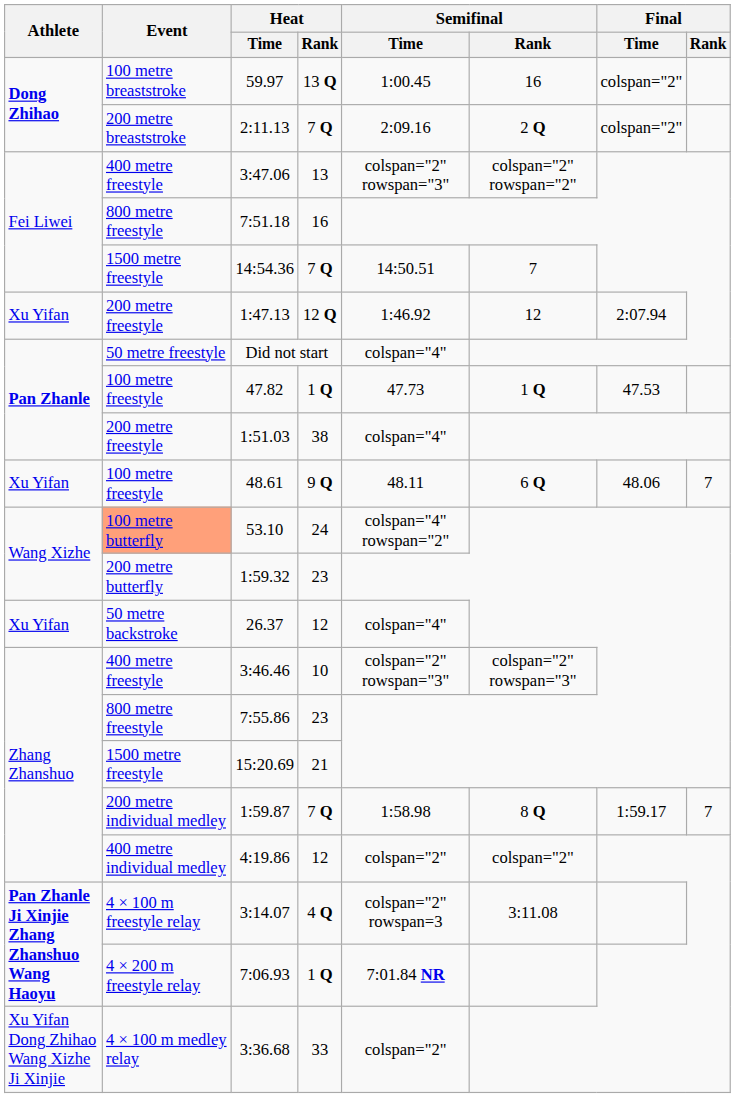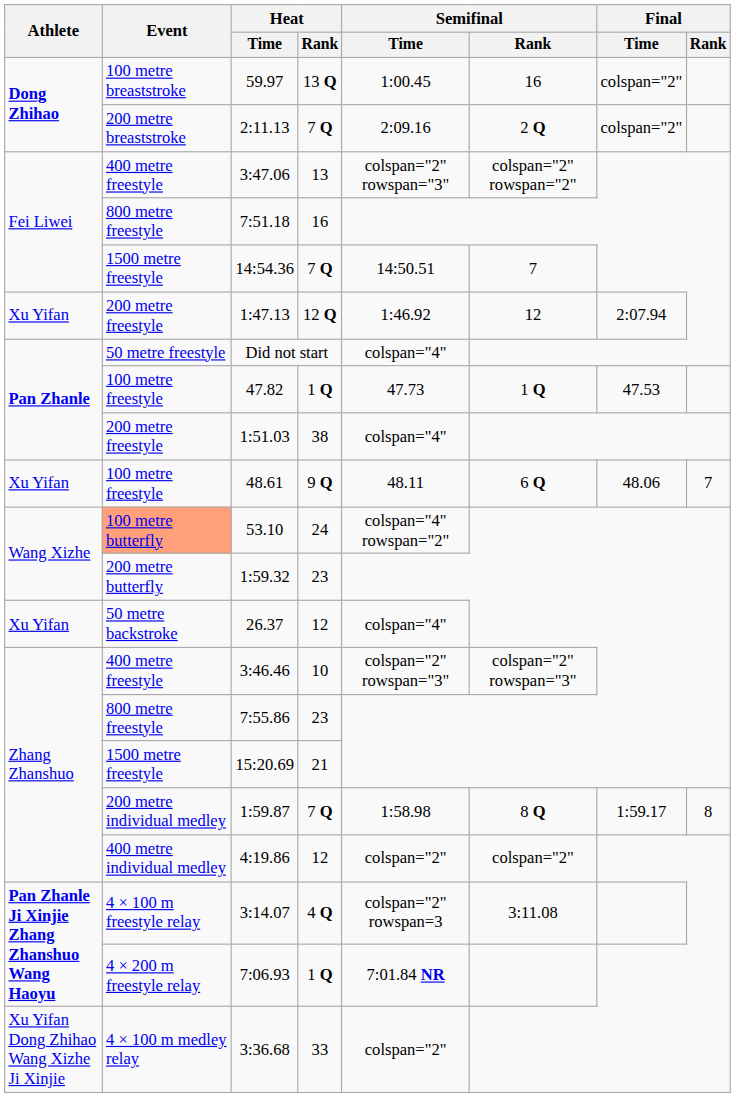 <table class="wikitable" style="text-align:center; font-size:90%; width:50%;">
 <tr>
 <th rowspan="2">Athlete</th>
 <th rowspan="2">Event</th>
 <th colspan="2">Heat</th>
 <th colspan="2">Semifinal</th>
 <th colspan="2">Final</th>
 </tr>
 <tr style="font-size:95%">
 <th>Time</th>
 <th>Rank</th>
 <th>Time</th>
 <th>Rank</th>
 <th>Time</th>
 <th>Rank</th>
 </tr>
 <tr align=center>
 <td align=left rowspan="2"><strong><a href='#'>Dong Zhihao</a></strong></td>
 <td align=left><a href='#'>100 metre breaststroke</a></td>
 <td>59.97</td>
 <td>13 <strong>Q</strong></td>
 <td>1:00.45</td>
 <td>16</td>
 <td>colspan="2" </td>
 </tr>
 <tr align=center>
 <td align=left><a href='#'>200 metre breaststroke</a></td>
 <td>2:11.13</td>
 <td>7 <strong>Q</strong></td>
 <td>2:09.16</td>
 <td>2 <strong>Q</strong></td>
 <td>colspan="2" </td>
 <td></td>
 </tr>
 <tr align=center>
 <td align=left rowspan="3"><a href='#'>Fei Liwei</a></td>
 <td align=left><a href='#'>400 metre freestyle</a></td>
 <td>3:47.06</td>
 <td>13</td>
 <td>colspan="2" rowspan="3" </td>
 <td>colspan="2" rowspan="2" </td>
 </tr>
 <tr align=center>
 <td align=left><a href='#'>800 metre freestyle</a></td>
 <td>7:51.18</td>
 <td>16</td>
 </tr>
 <tr align=center>
 <td align=left><a href='#'>1500 metre freestyle</a></td>
 <td>14:54.36</td>
 <td>7 <strong>Q</strong></td>
 <td>14:50.51</td>
 <td>7</td>
 </tr>
 <tr align=center>
 <td align=left><a href='#'>Xu Yifan</a></td>
 <td align=left><a href='#'>200 metre freestyle</a></td>
 <td>1:47.13</td>
 <td>12 <strong>Q</strong></td>
 <td>1:46.92</td>
 <td>12</td>
 <td>2:07.94</td>
 </tr>
 <tr align=center>
 <td align=left rowspan="3"><strong><a href='#'>Pan Zhanle</a></strong></td>
 <td align=left><a href='#'>50 metre freestyle</a></td>
 <td colspan="2">Did not start</td>
 <td>colspan="4"  </td>
 </tr>
 <tr align=center>
 <td align=left><a href='#'>100 metre freestyle</a></td>
 <td>47.82</td>
 <td>1 <strong>Q</strong></td>
 <td>47.73</td>
 <td>1 <strong>Q</strong></td>
 <td>47.53</td>
 <td></td>
 </tr>
 <tr align=center>
 <td align=left><a href='#'>200 metre freestyle</a></td>
 <td>1:51.03</td>
 <td>38</td>
 <td>colspan="4"  </td>
 </tr>
 <tr align=center>
 <td align=left><a href='#'>Xu Yifan</a></td>
 <td align=left><a href='#'>100 metre freestyle</a></td>
 <td>48.61</td>
 <td>9 <strong>Q</strong></td>
 <td>48.11</td>
 <td>6 <strong>Q</strong></td>
 <td>48.06</td>
 <td>7</td>
 </tr>
 <tr align=center>
 <td align=left rowspan="2"><a href='#'>Wang Xizhe</a></td>
 <td align=left style="background: lightsalmon;"><a href='#'>100 metre butterfly</a></td>
 <td>53.10</td>
 <td>24</td>
 <td>colspan="4" rowspan="2" </td>
 </tr>
 <tr align=center>
 <td align=left><a href='#'>200 metre butterfly</a></td>
 <td>1:59.32</td>
 <td>23</td>
 </tr>
 <tr align=center>
 <td align=left><a href='#'>Xu Yifan</a></td>
 <td align=left><a href='#'>50 metre backstroke</a></td>
 <td>26.37</td>
 <td>12</td>
 <td>colspan="4"  </td>
 </tr>
 <tr align=center>
 <td align=left rowspan="5"><a href='#'>Zhang Zhanshuo</a></td>
 <td align=left><a href='#'>400 metre freestyle</a></td>
 <td>3:46.46</td>
 <td>10</td>
 <td>colspan="2" rowspan="3" </td>
 <td>colspan="2" rowspan="3" </td>
 </tr>
 <tr align=center>
 <td align=left><a href='#'>800 metre freestyle</a></td>
 <td>7:55.86</td>
 <td>23</td>
 </tr>
 <tr align=center>
 <td align=left><a href='#'>1500 metre freestyle</a></td>
 <td>15:20.69</td>
 <td>21</td>
 </tr>
 <tr align=center>
 <td align=left><a href='#'>200 metre individual medley</a></td>
 <td>1:59.87</td>
 <td>7 <strong>Q</strong></td>
 <td>1:58.98</td>
 <td>8 <strong>Q</strong></td>
 <td>1:59.17</td>
-<td>7</td>
+<td>8</td>
 </tr>
 <tr align=center>
 <td align=left><a href='#'>400 metre individual medley</a></td>
 <td>4:19.86</td>
 <td>12</td>
 <td>colspan="2"  </td>
 <td>colspan="2"  </td>
 </tr>
 <tr>
 <td align=left rowspan=2><strong><a href='#'>Pan Zhanle</a><br><a href='#'>Ji Xinjie</a><br><a href='#'>Zhang Zhanshuo</a><br><a href='#'>Wang Haoyu</a></strong></td>
 <td align=left><a href='#'>4 × 100 m freestyle relay</a></td>
 <td>3:14.07</td>
 <td>4 <strong>Q</strong></td>
 <td>colspan="2" rowspan=3 </td>
 <td>3:11.08</td>
 <td></td>
 </tr>
 <tr>
 <td align=left><a href='#'>4 × 200 m freestyle relay</a></td>
 <td>7:06.93</td>
 <td>1 <strong>Q</strong></td>
 <td>7:01.84 <strong><a href='#'>NR</a></strong></td>
 <td></td>
 </tr>
 <tr>
 <td align=left><a href='#'>Xu Yifan</a><br><a href='#'>Dong Zhihao</a> <br><a href='#'>Wang Xizhe</a> <br><a href='#'>Ji Xinjie</a></td>
 <td align=left><a href='#'>4 × 100 m medley relay</a></td>
 <td>3:36.68</td>
 <td>33</td>
 <td>colspan="2"  </td>
 </tr>
 </table>
